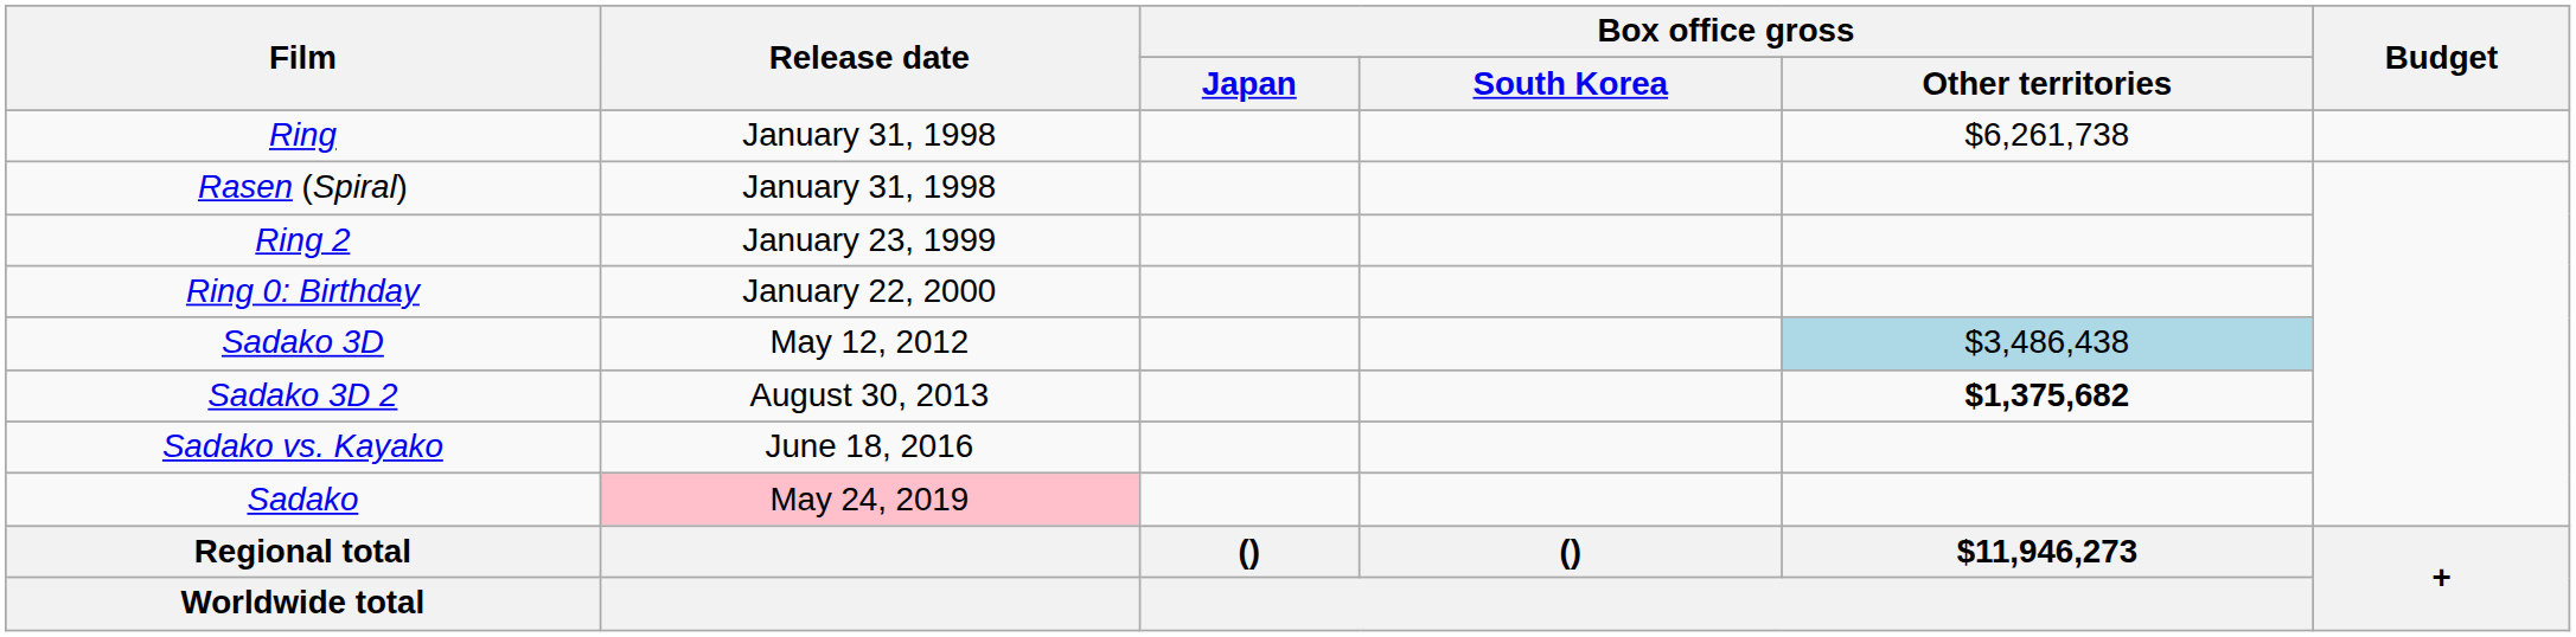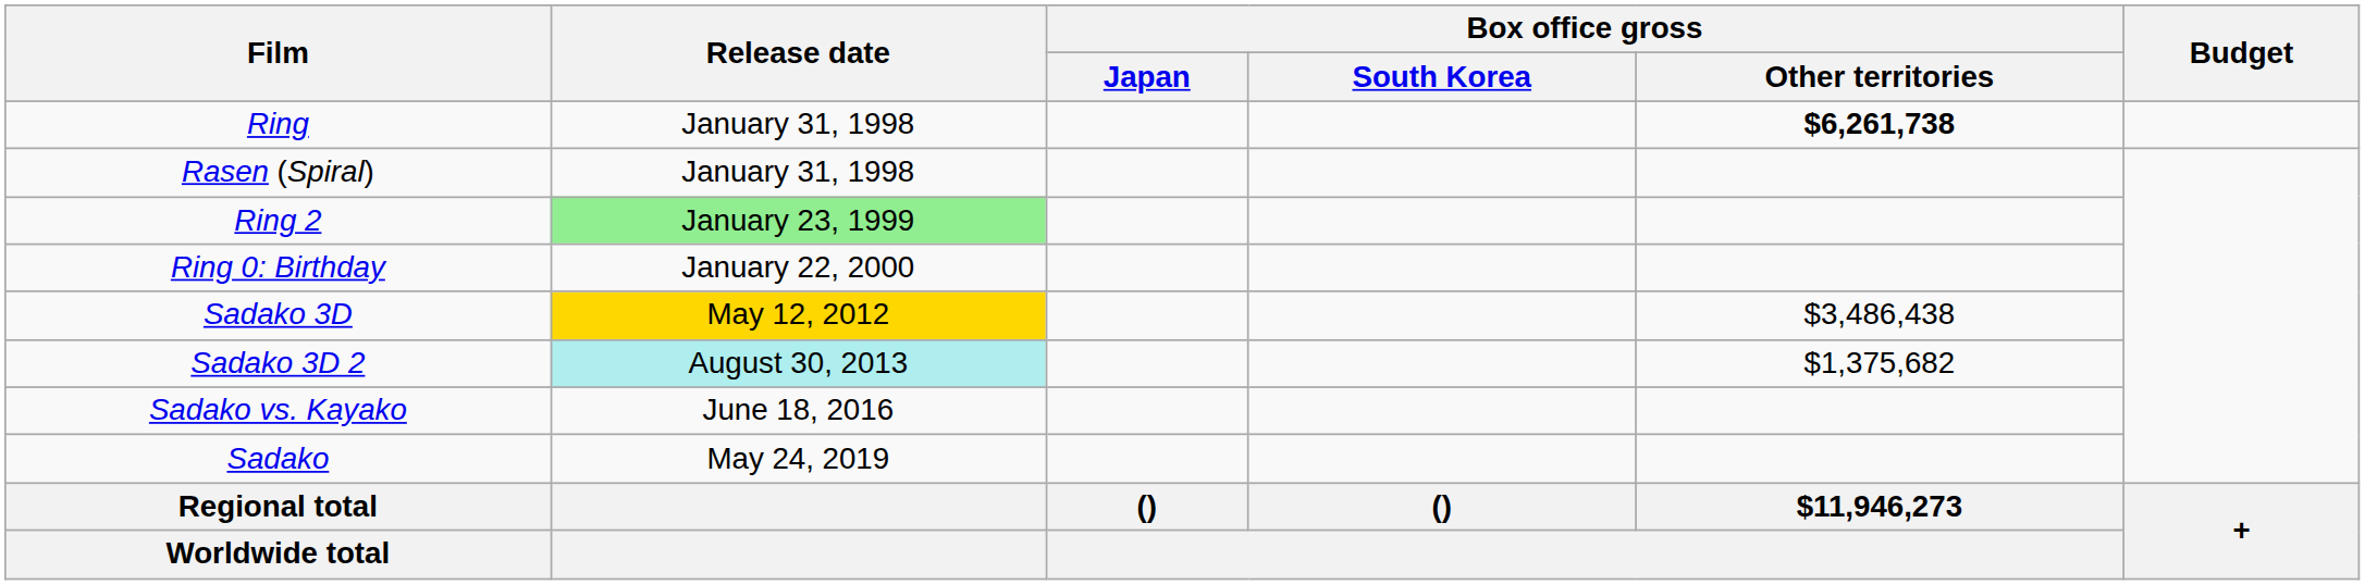 <table class="wikitable sortable" width=99% border="1" style="text-align: center;">
 <tr>
 <th rowspan="2">Film</th>
 <th rowspan="2">Release date</th>
 <th colspan="3">Box office gross</th>
 <th rowspan="2">Budget</th>
 </tr>
 <tr>
 <th><a href='#'>Japan</a></th>
 <th><a href='#'>South Korea</a></th>
 <th>Other territories</th>
 </tr>
 <tr>
 <td><em><a href='#'>Ring</a></em></td>
 <td>January 31, 1998</td>
 <td></td>
 <td></td>
-<td>$6,261,738</td>
+<td><strong>$6,261,738</strong></td>
 <td></td>
 </tr>
 <tr>
 <td><em><a href='#'>Rasen</a></em> (<em>Spiral</em>)</td>
 <td>January 31, 1998</td>
 <td></td>
 <td></td>
 <td></td>
 <td rowspan="7"></td>
 </tr>
 <tr>
 <td><em><a href='#'>Ring 2</a></em></td>
-<td>January 23, 1999</td>
+<td style="background: lightgreen;">January 23, 1999</td>
 <td></td>
 <td></td>
 <td></td>
 </tr>
 <tr>
 <td><em><a href='#'>Ring 0: Birthday</a></em></td>
 <td>January 22, 2000</td>
 <td></td>
 <td></td>
 <td></td>
 </tr>
 <tr>
 <td><em><a href='#'>Sadako 3D</a></em></td>
-<td>May 12, 2012</td>
+<td style="background: gold;">May 12, 2012</td>
 <td></td>
 <td></td>
-<td style="background: lightblue;">$3,486,438</td>
+<td>$3,486,438</td>
 </tr>
 <tr>
 <td><em><a href='#'>Sadako 3D 2</a></em></td>
-<td>August 30, 2013</td>
+<td style="background: paleturquoise;">August 30, 2013</td>
 <td></td>
 <td></td>
-<td><strong>$1,375,682</strong></td>
+<td>$1,375,682</td>
 </tr>
 <tr>
 <td><em><a href='#'>Sadako vs. Kayako</a></em></td>
 <td>June 18, 2016</td>
 <td></td>
 <td></td>
 <td></td>
 </tr>
 <tr>
 <td><em><a href='#'>Sadako</a></em></td>
-<td style="background: pink;">May 24, 2019</td>
+<td>May 24, 2019</td>
 <td></td>
 <td></td>
 <td></td>
 </tr>
 <tr>
 <th>Regional total</th>
 <th></th>
 <th> ()</th>
 <th> ()</th>
 <th>$11,946,273</th>
 <th rowspan="2">+</th>
 </tr>
 <tr>
 <th>Worldwide total</th>
 <th></th>
 <th colspan="3"></th>
 </tr>
 </table>
